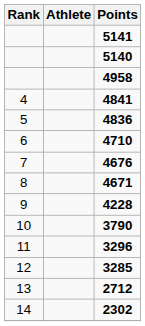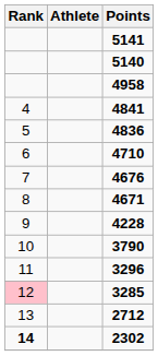 <table class=wikitable style="text-align:center;">
 <tr>
 <th>Rank</th>
 <th>Athlete</th>
 <th>Points</th>
 </tr>
 <tr>
 <td></td>
 <td align=left></td>
 <td><strong>5141</strong></td>
 </tr>
 <tr>
 <td></td>
 <td align=left></td>
 <td><strong>5140</strong></td>
 </tr>
 <tr>
 <td></td>
 <td align=left></td>
 <td><strong>4958</strong></td>
 </tr>
 <tr>
 <td>4</td>
 <td align=left></td>
 <td><strong>4841</strong></td>
 </tr>
 <tr>
 <td>5</td>
 <td align=left></td>
 <td><strong>4836</strong></td>
 </tr>
 <tr>
 <td>6</td>
 <td align=left></td>
 <td><strong>4710</strong></td>
 </tr>
 <tr>
 <td>7</td>
 <td align=left></td>
 <td><strong>4676</strong></td>
 </tr>
 <tr>
 <td>8</td>
 <td align=left></td>
 <td><strong>4671</strong></td>
 </tr>
 <tr>
 <td>9</td>
 <td align=left></td>
 <td><strong>4228</strong></td>
 </tr>
 <tr>
 <td>10</td>
 <td align=left></td>
 <td><strong>3790</strong></td>
 </tr>
 <tr>
 <td>11</td>
 <td align=left></td>
 <td><strong>3296</strong></td>
 </tr>
 <tr>
-<td>12</td>
+<td style="background: pink;">12</td>
 <td align=left></td>
 <td><strong>3285</strong></td>
 </tr>
 <tr>
 <td>13</td>
 <td align=left></td>
 <td><strong>2712</strong></td>
 </tr>
 <tr>
-<td>14</td>
+<td><strong>14</strong></td>
 <td align=left></td>
 <td><strong>2302</strong></td>
 </tr>
 <tr>
 </tr>
 </table>
